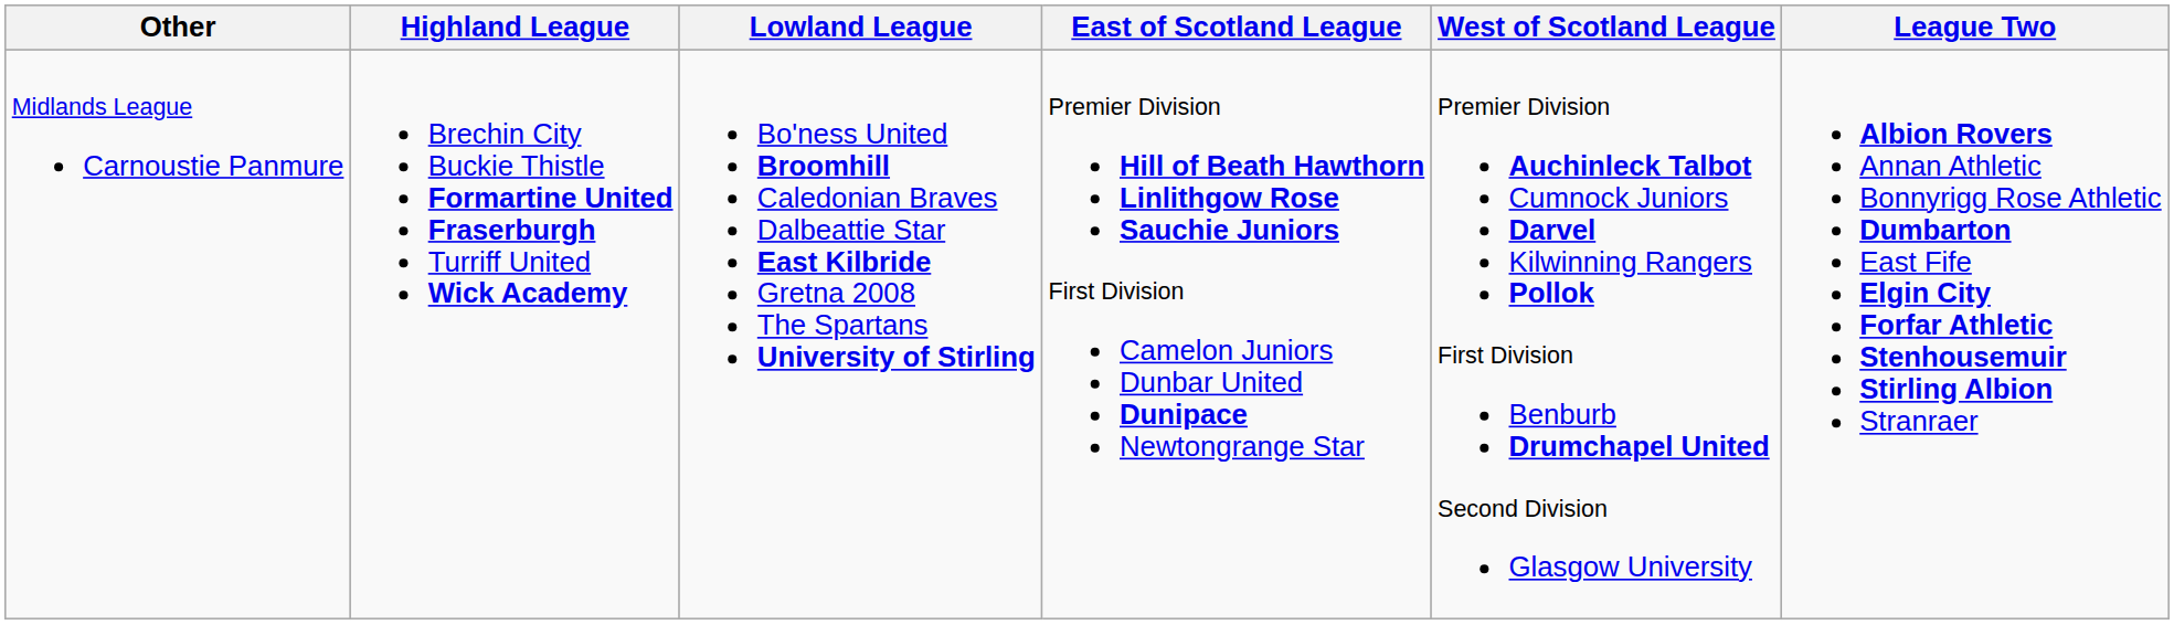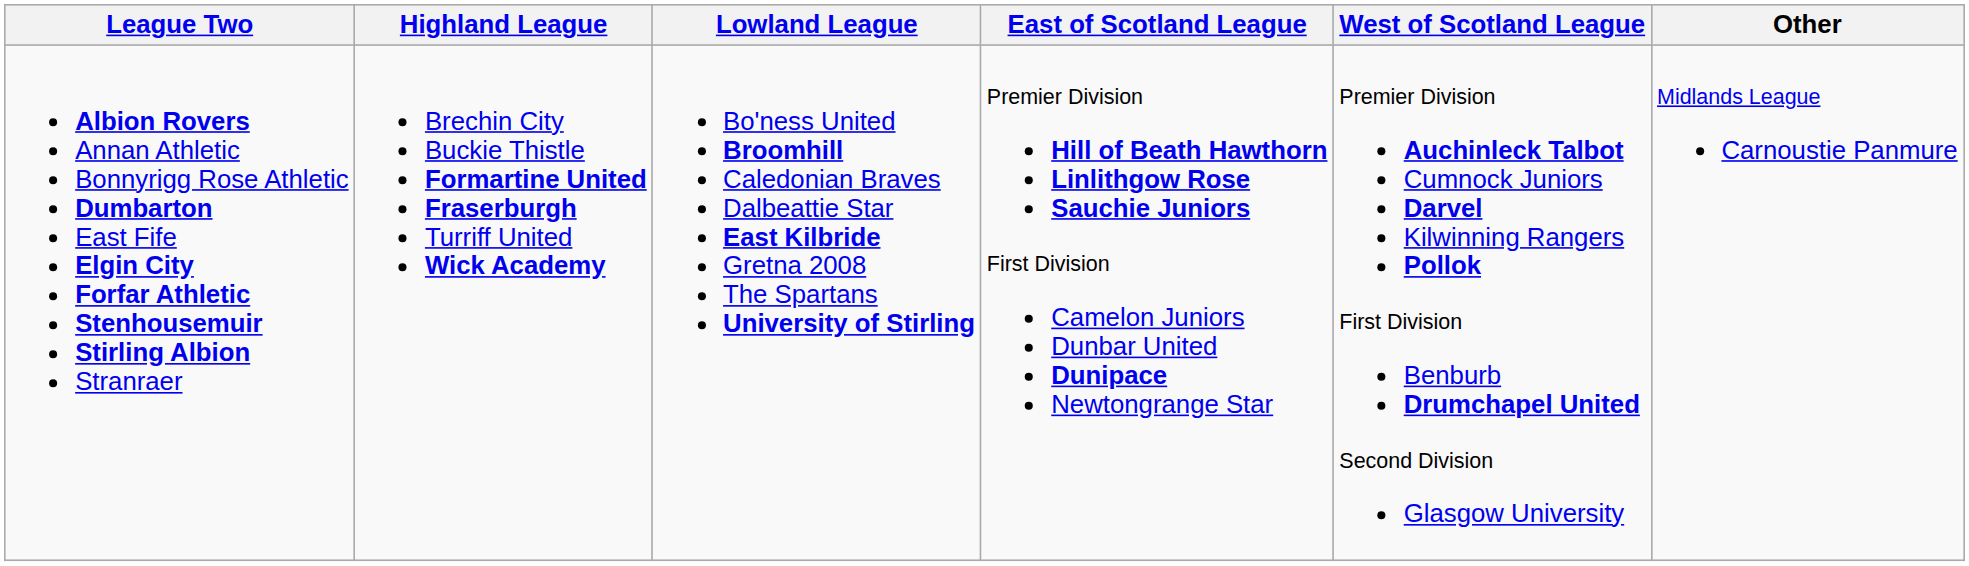 <table class="wikitable" style="text-align:left">
 <tr>
-<th>Other</th>
+<th><a href='#'>League Two</a></th>
 <th><a href='#'>Highland League</a></th>
 <th><a href='#'>Lowland League</a></th>
 <th><a href='#'>East of Scotland League</a></th>
 <th><a href='#'>West of Scotland League</a></th>
-<th><a href='#'>League Two</a></th>
+<th>Other</th>
 </tr>
 <tr>
-<td valign="top"><br><small><a href='#'>Midlands League</a></small><ul><li><a href='#'>Carnoustie Panmure</a></li></ul></td>
+<td valign="top"><br><ul><li><strong><a href='#'>Albion Rovers</a></strong></li><li><a href='#'>Annan Athletic</a></li><li><a href='#'>Bonnyrigg Rose Athletic</a></li><li><strong><a href='#'>Dumbarton</a></strong></li><li><a href='#'>East Fife</a></li><li><strong><a href='#'>Elgin City</a></strong></li><li><strong><a href='#'>Forfar Athletic</a></strong></li><li><strong><a href='#'>Stenhousemuir</a></strong></li><li><strong><a href='#'>Stirling Albion</a></strong></li><li><a href='#'>Stranraer</a></li></ul></td>
 <td valign="top"><br><ul><li><a href='#'>Brechin City</a></li><li><a href='#'>Buckie Thistle</a></li><li><strong><a href='#'>Formartine United</a></strong></li><li><strong><a href='#'>Fraserburgh</a></strong></li><li><a href='#'>Turriff United</a></li><li><strong><a href='#'>Wick Academy</a></strong></li></ul></td>
 <td valign="top"><br><ul><li><a href='#'>Bo'ness United</a></li><li><strong><a href='#'>Broomhill</a></strong></li><li><a href='#'>Caledonian Braves</a></li><li><a href='#'>Dalbeattie Star</a></li><li><strong><a href='#'>East Kilbride</a></strong></li><li><a href='#'>Gretna 2008</a></li><li><a href='#'>The Spartans</a></li><li><strong><a href='#'>University of Stirling</a></strong></li></ul></td>
 <td valign="top"><br><small>Premier Division</small><ul><li><strong><a href='#'>Hill of Beath Hawthorn</a></strong></li><li><strong><a href='#'>Linlithgow Rose</a></strong></li><li><strong><a href='#'>Sauchie Juniors</a></strong></li></ul><small>First Division</small><ul><li><a href='#'>Camelon Juniors</a></li><li><a href='#'>Dunbar United</a></li><li><strong><a href='#'>Dunipace</a></strong></li><li><a href='#'>Newtongrange Star</a></li></ul></td>
 <td valign="top"><br><small>Premier Division</small><ul><li><strong><a href='#'>Auchinleck Talbot</a></strong></li><li><a href='#'>Cumnock Juniors</a></li><li><strong><a href='#'>Darvel</a></strong></li><li><a href='#'>Kilwinning Rangers</a></li><li><strong><a href='#'>Pollok</a></strong></li></ul><small>First Division</small><ul><li><a href='#'>Benburb</a></li><li><strong><a href='#'>Drumchapel United</a></strong></li></ul><small>Second Division</small><ul><li><a href='#'>Glasgow University</a></li></ul></td>
-<td valign="top"><br><ul><li><strong><a href='#'>Albion Rovers</a></strong></li><li><a href='#'>Annan Athletic</a></li><li><a href='#'>Bonnyrigg Rose Athletic</a></li><li><strong><a href='#'>Dumbarton</a></strong></li><li><a href='#'>East Fife</a></li><li><strong><a href='#'>Elgin City</a></strong></li><li><strong><a href='#'>Forfar Athletic</a></strong></li><li><strong><a href='#'>Stenhousemuir</a></strong></li><li><strong><a href='#'>Stirling Albion</a></strong></li><li><a href='#'>Stranraer</a></li></ul></td>
+<td valign="top"><br><small><a href='#'>Midlands League</a></small><ul><li><a href='#'>Carnoustie Panmure</a></li></ul></td>
 </tr>
 </table>
